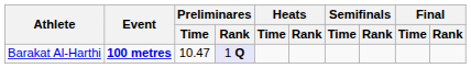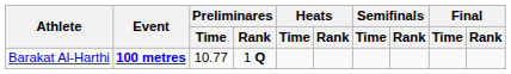 <table class=wikitable style="font-size:90%;">
 <tr>
 <th rowspan=2>Athlete</th>
 <th rowspan=2>Event</th>
 <th colspan=2>Preliminares</th>
 <th colspan=2>Heats</th>
 <th colspan=2>Semifinals</th>
 <th colspan=2>Final</th>
 </tr>
 <tr>
 <th>Time</th>
 <th>Rank</th>
 <th>Time</th>
 <th>Rank</th>
 <th>Time</th>
 <th>Rank</th>
 <th>Time</th>
 <th>Rank</th>
 </tr>
 <tr>
 <td><a href='#'>Barakat Al-Harthi</a></td>
 <td><strong><a href='#'>100 metres</a></strong></td>
-<td align="center">10.47</td>
-<td align="center" style="background: lavender;">1 <strong>Q</strong></td>
+<td align="center">10.77</td>
+<td align="center">1 <strong>Q</strong></td>
 <td align="center"></td>
 <td align="center"></td>
 <td align="center"></td>
 <td align="center"></td>
 <td align="center"></td>
 <td align="center"></td>
 </tr>
 </table>
